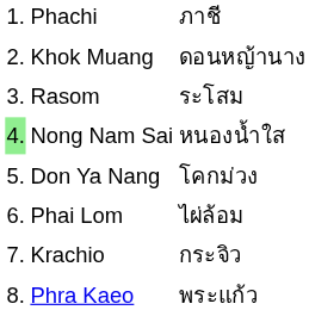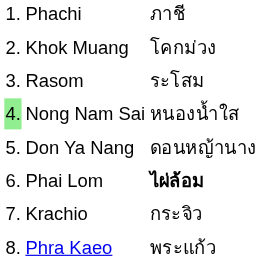 <table>
 <tr>
 <td>1.</td>
 <td>Phachi</td>
 <td>ภาชี</td>
 <td></td>
 </tr>
 <tr>
 <td>2.</td>
 <td>Khok Muang</td>
-<td>ดอนหญ้านาง</td>
+<td>โคกม่วง</td>
 <td></td>
 </tr>
 <tr>
 <td>3.</td>
 <td>Rasom</td>
 <td>ระโสม</td>
 <td></td>
 </tr>
 <tr>
 <td style="background: lightgreen;">4.</td>
 <td>Nong Nam Sai</td>
 <td>หนองน้ำใส</td>
 <td></td>
 </tr>
 <tr>
 <td>5.</td>
 <td>Don Ya Nang</td>
-<td>โคกม่วง</td>
+<td>ดอนหญ้านาง</td>
 <td></td>
 </tr>
 <tr>
 <td>6.</td>
 <td>Phai Lom</td>
-<td>ไผ่ล้อม</td>
+<td><strong>ไผ่ล้อม</strong></td>
 <td></td>
 </tr>
 <tr>
 <td>7.</td>
 <td>Krachio</td>
 <td>กระจิว</td>
 <td></td>
 </tr>
 <tr>
 <td>8.</td>
 <td><a href='#'>Phra Kaeo</a></td>
 <td>พระแก้ว</td>
 <td></td>
 </tr>
 </table>
